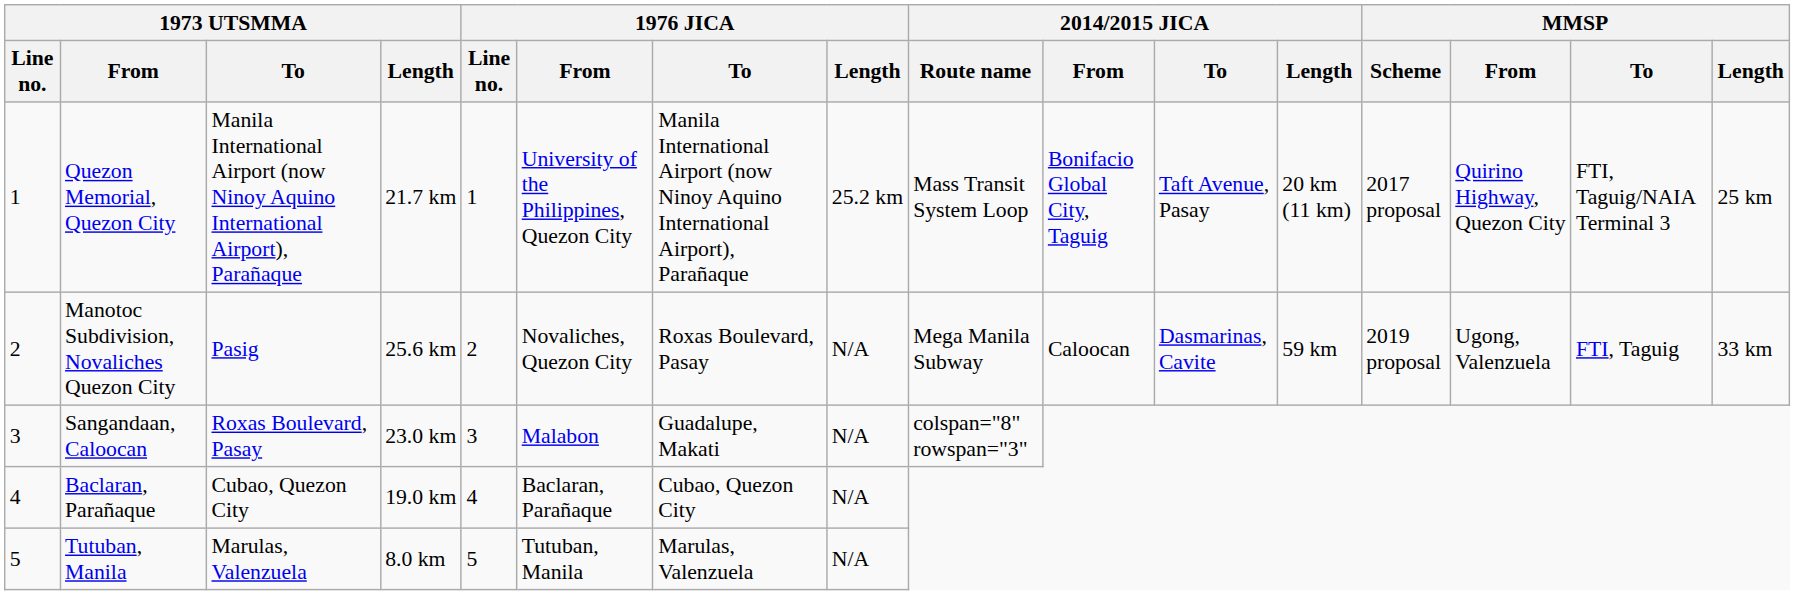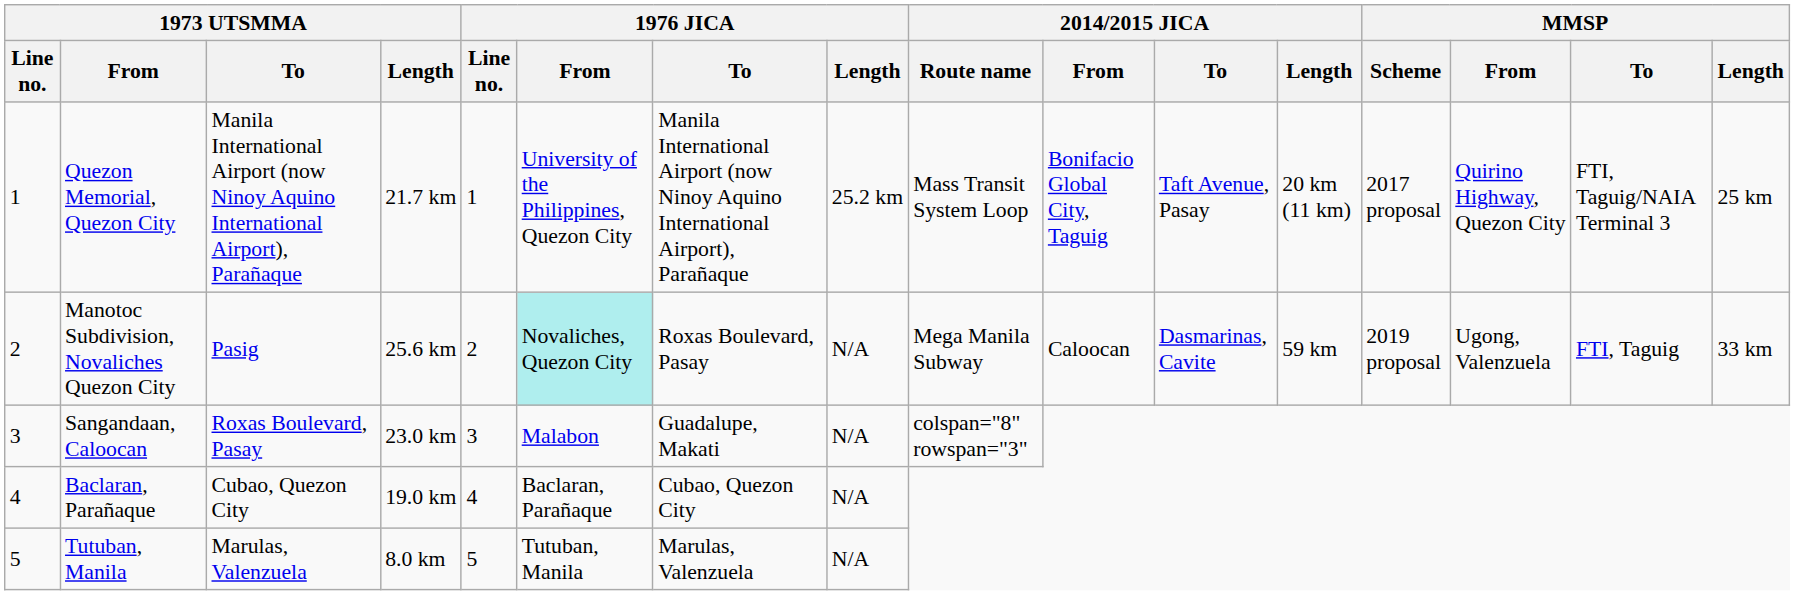 <table class="wikitable collapsible collapsed" style="font-size:95%; border: none;">
 <tr>
 <th colspan="4">1973 UTSMMA</th>
 <th colspan="4">1976 JICA</th>
 <th colspan="4">2014/2015 JICA</th>
 <th colspan="4">MMSP</th>
 </tr>
 <tr>
 <th>Line no.</th>
 <th>From</th>
 <th>To</th>
 <th>Length</th>
 <th>Line no.</th>
 <th>From</th>
 <th>To</th>
 <th>Length</th>
 <th>Route name</th>
 <th>From</th>
 <th>To</th>
 <th>Length</th>
 <th>Scheme</th>
 <th>From</th>
 <th>To</th>
 <th>Length</th>
 </tr>
 <tr>
 <td>1</td>
 <td><a href='#'>Quezon Memorial</a>, <a href='#'>Quezon City</a></td>
 <td>Manila International Airport (now <a href='#'>Ninoy Aquino International Airport</a>), <a href='#'>Parañaque</a></td>
 <td>21.7 km</td>
 <td>1</td>
 <td><a href='#'>University of the Philippines</a>, Quezon City</td>
 <td>Manila International Airport (now Ninoy Aquino International Airport), Parañaque</td>
 <td>25.2 km</td>
 <td>Mass Transit System Loop</td>
 <td><a href='#'>Bonifacio Global City</a>, <a href='#'>Taguig</a></td>
 <td><a href='#'>Taft Avenue</a>, Pasay</td>
 <td>20 km (11 km)</td>
 <td>2017 proposal</td>
 <td><a href='#'>Quirino Highway</a>, Quezon City</td>
 <td>FTI, Taguig/NAIA Terminal 3</td>
 <td>25 km</td>
 </tr>
 <tr>
 <td>2</td>
 <td>Manotoc Subdivision, <a href='#'>Novaliches</a> Quezon City</td>
 <td><a href='#'>Pasig</a></td>
 <td>25.6 km</td>
 <td>2</td>
-<td>Novaliches, Quezon City</td>
+<td style="background: paleturquoise;">Novaliches, Quezon City</td>
 <td>Roxas Boulevard, Pasay</td>
 <td>N/A</td>
 <td>Mega Manila Subway</td>
 <td>Caloocan</td>
 <td><a href='#'>Dasmarinas</a>, <a href='#'>Cavite</a></td>
 <td>59 km</td>
 <td>2019 proposal</td>
 <td>Ugong, Valenzuela</td>
 <td><a href='#'>FTI</a>, Taguig</td>
 <td>33 km</td>
 </tr>
 <tr>
 <td>3</td>
 <td>Sangandaan, <a href='#'>Caloocan</a></td>
 <td><a href='#'>Roxas Boulevard</a>, <a href='#'>Pasay</a></td>
 <td>23.0 km</td>
 <td>3</td>
 <td><a href='#'>Malabon</a></td>
 <td>Guadalupe, Makati</td>
 <td>N/A</td>
 <td>colspan="8" rowspan="3" </td>
 </tr>
 <tr>
 <td>4</td>
 <td><a href='#'>Baclaran</a>, Parañaque</td>
 <td>Cubao, Quezon City</td>
 <td>19.0 km</td>
 <td>4</td>
 <td>Baclaran, Parañaque</td>
 <td>Cubao, Quezon City</td>
 <td>N/A</td>
 </tr>
 <tr>
 <td>5</td>
 <td><a href='#'>Tutuban</a>, <a href='#'>Manila</a></td>
 <td>Marulas, <a href='#'>Valenzuela</a></td>
 <td>8.0 km</td>
 <td>5</td>
 <td>Tutuban, Manila</td>
 <td>Marulas, Valenzuela</td>
 <td>N/A</td>
 </tr>
 </table>
